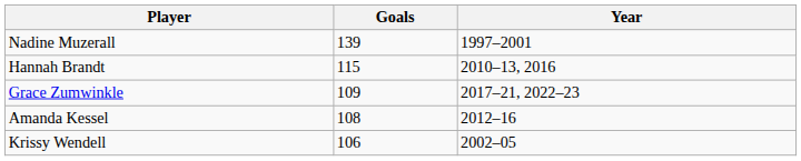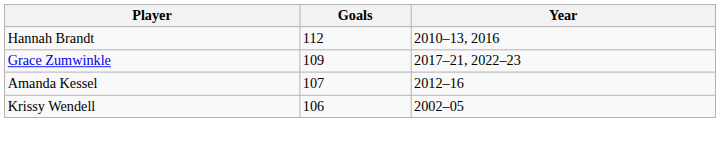 <table class="wikitable" style="width: 50em">
 <tr>
 <th>Player</th>
 <th>Goals</th>
 <th>Year</th>
 </tr>
 <tr>
-<td>Nadine Muzerall</td>
-<td>139</td>
-<td>1997–2001</td>
-</tr>
-<tr>
 <td>Hannah Brandt</td>
-<td>115</td>
+<td>112</td>
 <td>2010–13, 2016</td>
 </tr>
 <tr>
 <td><a href='#'>Grace Zumwinkle</a></td>
 <td>109</td>
 <td>2017–21, 2022–23</td>
 </tr>
 <tr>
 <td>Amanda Kessel</td>
-<td>108</td>
+<td>107</td>
 <td>2012–16</td>
 </tr>
 <tr>
 <td>Krissy Wendell</td>
 <td>106</td>
 <td>2002–05</td>
 </tr>
 </table>
